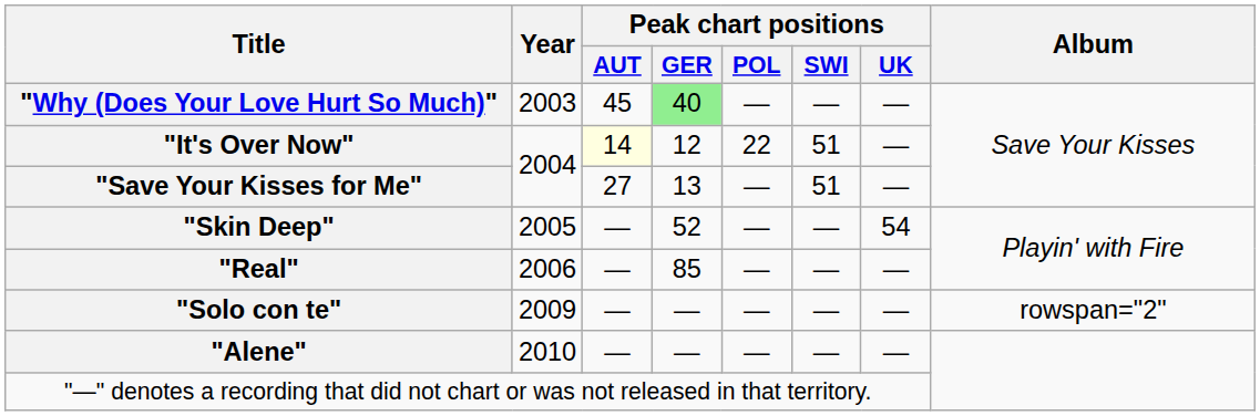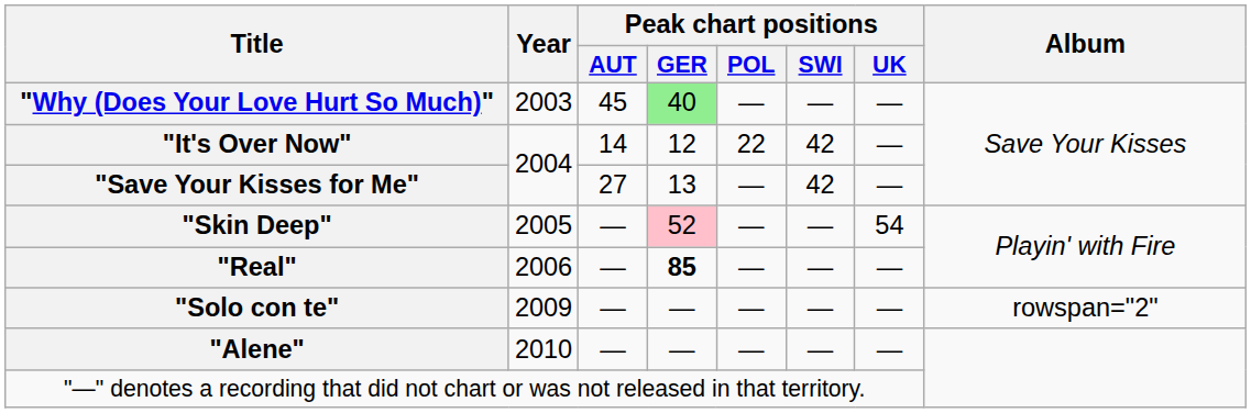 <table class="wikitable plainrowheaders" style="text-align:center">
 <tr>
 <th scope="col" rowspan="2" style="width:19em;">Title</th>
 <th scope="col" rowspan="2" style="width:1em;">Year</th>
 <th scope="col" colspan="5">Peak chart positions</th>
 <th scope="col" rowspan="2" style="width:12em;">Album</th>
 </tr>
 <tr>
 <th scope="col" style="width:2.5em;font-size:90%;"><a href='#'>AUT</a><br></th>
 <th scope="col" style="width:2.5em;font-size:90%;"><a href='#'>GER</a><br></th>
 <th scope="col" style="width:2.5em;font-size:90%;"><a href='#'>POL</a><br></th>
 <th scope="col" style="width:2.5em;font-size:90%;"><a href='#'>SWI</a><br></th>
 <th scope="col" style="width:2.5em;font-size:90%;"><a href='#'>UK</a><br></th>
 </tr>
 <tr>
 <th scope="row">"<a href='#'>Why (Does Your Love Hurt So Much)</a>"</th>
 <td>2003</td>
 <td>45</td>
 <td style="background: lightgreen;">40</td>
 <td>—</td>
 <td>—</td>
 <td>—</td>
 <td rowspan="3"><em>Save Your Kisses</em></td>
 </tr>
 <tr>
 <th scope="row">"It's Over Now"<br></th>
 <td rowspan="2">2004</td>
-<td style="background: lightyellow;">14</td>
+<td>14</td>
 <td>12</td>
 <td>22</td>
-<td>51</td>
+<td>42</td>
 <td>—</td>
 </tr>
 <tr>
 <th scope="row">"Save Your Kisses for Me"</th>
 <td>27</td>
 <td>13</td>
 <td>—</td>
-<td>51</td>
+<td>42</td>
 <td>—</td>
 </tr>
 <tr>
 <th scope="row">"Skin Deep"</th>
 <td>2005</td>
 <td>—</td>
-<td>52</td>
+<td style="background: pink;">52</td>
 <td>—</td>
 <td>—</td>
 <td>54</td>
 <td rowspan="2"><em>Playin' with Fire</em></td>
 </tr>
 <tr>
 <th scope="row">"Real"</th>
 <td>2006</td>
 <td>—</td>
-<td>85</td>
+<td><strong>85</strong></td>
 <td>—</td>
 <td>—</td>
 <td>—</td>
 </tr>
 <tr>
 <th scope="row">"Solo con te"<br></th>
 <td>2009</td>
 <td>—</td>
 <td>—</td>
 <td>—</td>
 <td>—</td>
 <td>—</td>
 <td>rowspan="2" </td>
 </tr>
 <tr>
 <th scope="row">"Alene"</th>
 <td>2010</td>
 <td>—</td>
 <td>—</td>
 <td>—</td>
 <td>—</td>
 <td>—</td>
 </tr>
 <tr>
 <td colspan="7" style="font-size:90%">"—" denotes a recording that did not chart or was not released in that territory.</td>
 </tr>
 </table>
